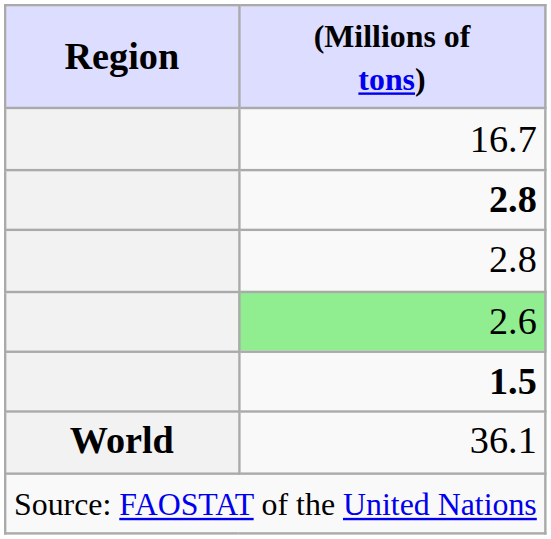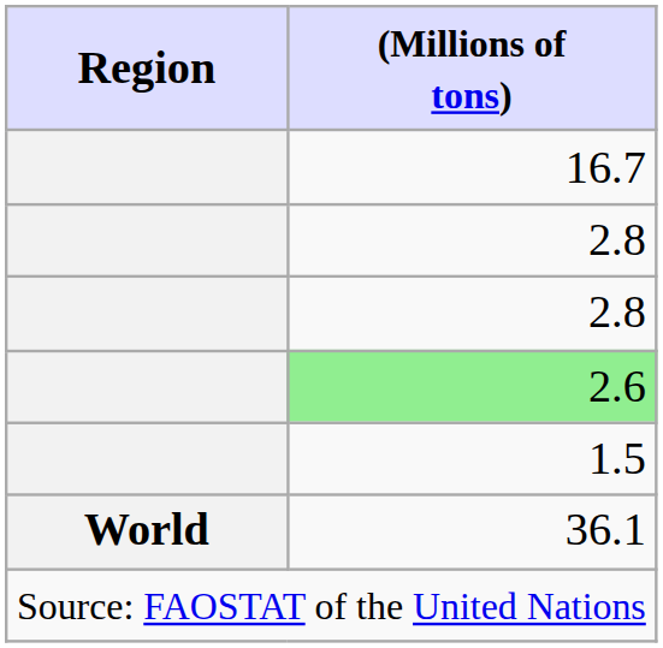 <table class="wikitable floatright" style="text-align:right;">
 <tr>
 <th style="background:#ddf; ">Region</th>
 <th style="background:#ddf; "><small>(Millions of <br><a href='#'>tons</a>)</small></th>
 </tr>
 <tr>
 <th></th>
 <td>16.7</td>
 </tr>
 <tr>
 <th></th>
-<td><strong>2.8</strong></td>
+<td>2.8</td>
 </tr>
 <tr>
 <th></th>
 <td>2.8</td>
 </tr>
 <tr>
 <th></th>
 <td style="background: lightgreen;">2.6</td>
 </tr>
 <tr>
 <th></th>
-<td><strong>1.5</strong></td>
+<td>1.5</td>
 </tr>
 <tr>
 <th>World</th>
 <td>36.1</td>
 </tr>
 <tr>
 <td colspan=2><small>Source: <a href='#'>FAOSTAT</a> of the <a href='#'>United Nations</a></small></td>
 </tr>
 </table>
